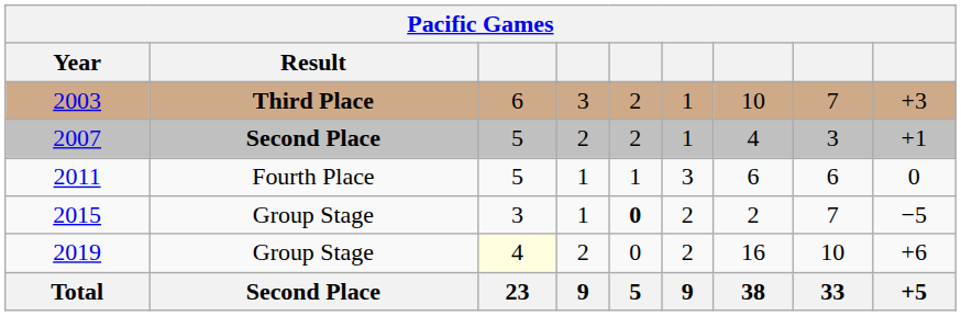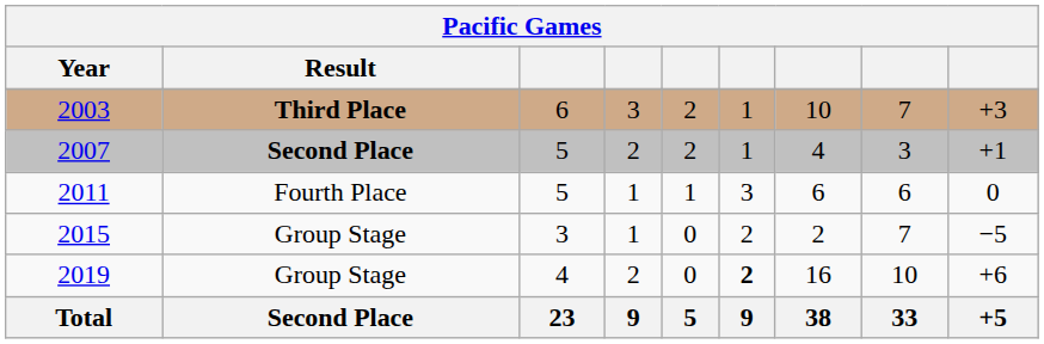 <table class="wikitable" style="text-align: center; width:50%;">
 <tr>
 <th colspan=10><a href='#'>Pacific Games</a></th>
 </tr>
 <tr>
 <th>Year</th>
 <th>Result</th>
 <th></th>
 <th></th>
 <th></th>
 <th></th>
 <th></th>
 <th></th>
 <th></th>
 </tr>
 <tr>
 </tr>
 <tr>
 </tr>
 <tr>
 </tr>
 <tr bgcolor=cfaa88>
 <td> <a href='#'>2003</a></td>
 <td><strong>Third Place</strong></td>
 <td>6</td>
 <td>3</td>
 <td>2</td>
 <td>1</td>
 <td>10</td>
 <td>7</td>
 <td>+3</td>
 </tr>
 <tr bgcolor=silver>
 <td> <a href='#'>2007</a></td>
 <td><strong>Second Place</strong></td>
 <td>5</td>
 <td>2</td>
 <td>2</td>
 <td>1</td>
 <td>4</td>
 <td>3</td>
 <td>+1</td>
 </tr>
 <tr>
 <td> <a href='#'>2011</a></td>
 <td>Fourth Place</td>
 <td>5</td>
 <td>1</td>
 <td>1</td>
 <td>3</td>
 <td>6</td>
 <td>6</td>
 <td>0</td>
 </tr>
 <tr>
 <td> <a href='#'>2015</a></td>
 <td>Group Stage</td>
 <td>3</td>
 <td>1</td>
-<td><strong>0</strong></td>
+<td>0</td>
 <td>2</td>
 <td>2</td>
 <td>7</td>
 <td>−5</td>
 </tr>
 <tr>
 <td> <a href='#'>2019</a></td>
 <td>Group Stage</td>
-<td style="background: lightyellow;">4</td>
+<td>4</td>
 <td>2</td>
 <td>0</td>
-<td>2</td>
+<td><strong>2</strong></td>
 <td>16</td>
 <td>10</td>
 <td>+6</td>
 </tr>
 <tr>
 <th>Total</th>
 <th>Second Place</th>
 <th>23</th>
 <th>9</th>
 <th>5</th>
 <th>9</th>
 <th>38</th>
 <th>33</th>
 <th>+5</th>
 </tr>
 </table>
